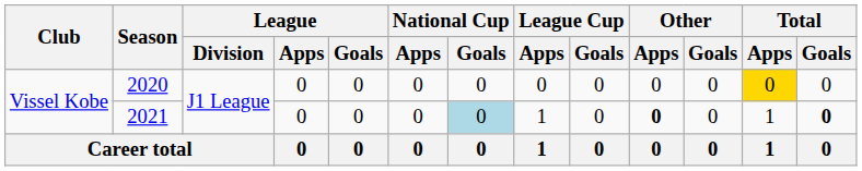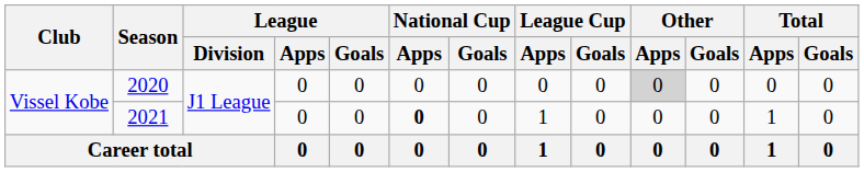 <table class="wikitable" style="text-align: center">
 <tr>
 <th rowspan="2">Club</th>
 <th rowspan="2">Season</th>
 <th colspan="3">League</th>
 <th colspan="2">National Cup</th>
 <th colspan="2">League Cup</th>
 <th colspan="2">Other</th>
 <th colspan="2">Total</th>
 </tr>
 <tr>
 <th>Division</th>
 <th>Apps</th>
 <th>Goals</th>
 <th>Apps</th>
 <th>Goals</th>
 <th>Apps</th>
 <th>Goals</th>
 <th>Apps</th>
 <th>Goals</th>
 <th>Apps</th>
 <th>Goals</th>
 </tr>
 <tr>
 <td rowspan="2"><a href='#'>Vissel Kobe</a></td>
 <td><a href='#'>2020</a></td>
 <td rowspan="2"><a href='#'>J1 League</a></td>
 <td>0</td>
 <td>0</td>
 <td>0</td>
 <td>0</td>
 <td>0</td>
 <td>0</td>
+<td style="background: lightgrey;">0</td>
 <td>0</td>
 <td>0</td>
-<td style="background: gold;">0</td>
 <td>0</td>
 </tr>
 <tr>
 <td><a href='#'>2021</a></td>
 <td>0</td>
 <td>0</td>
-<td>0</td>
-<td style="background: lightblue;">0</td>
-<td>1</td>
-<td>0</td>
 <td><strong>0</strong></td>
 <td>0</td>
 <td>1</td>
-<td><strong>0</strong></td>
+<td>0</td>
+<td>0</td>
+<td>0</td>
+<td>1</td>
+<td>0</td>
 </tr>
 <tr>
 <th colspan=3>Career total</th>
 <th>0</th>
 <th>0</th>
 <th>0</th>
 <th>0</th>
 <th>1</th>
 <th>0</th>
 <th>0</th>
 <th>0</th>
 <th>1</th>
 <th>0</th>
 </tr>
 </table>
